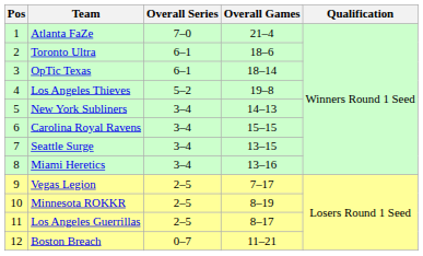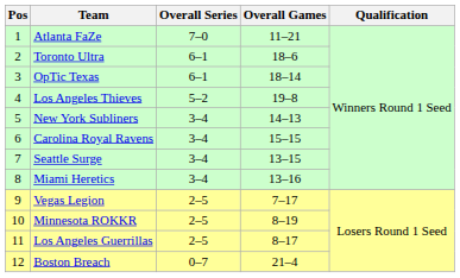 <table class="wikitable" style="text-align:center">
 <tr>
 <th>Pos</th>
 <th>Team</th>
 <th>Overall Series</th>
 <th>Overall Games</th>
 <th>Qualification</th>
 </tr>
 <tr style="background:#CCFFCC">
 <td>1</td>
 <td style="text-align:left;"><a href='#'>Atlanta FaZe</a></td>
 <td>7–0</td>
-<td>21–4</td>
+<td>11–21</td>
 <td rowspan="8">Winners Round 1 Seed</td>
 </tr>
 <tr style="background:#CCFFCC">
 <td>2</td>
 <td style="text-align:left;"><a href='#'>Toronto Ultra</a></td>
 <td>6–1</td>
 <td>18–6</td>
 </tr>
 <tr style="background:#CCFFCC">
 <td>3</td>
 <td style="text-align:left;"><a href='#'>OpTic Texas</a></td>
 <td>6–1</td>
 <td>18–14</td>
 </tr>
 <tr style="background:#CCFFCC">
 <td>4</td>
 <td style="text-align:left;"><a href='#'>Los Angeles Thieves</a></td>
 <td>5–2</td>
 <td>19–8</td>
 </tr>
 <tr style="background:#CCFFCC">
 <td>5</td>
 <td style="text-align:left;"><a href='#'>New York Subliners</a></td>
 <td>3–4</td>
 <td>14–13</td>
 </tr>
 <tr style="background:#CCFFCC">
 <td>6</td>
 <td style="text-align:left;"><a href='#'>Carolina Royal Ravens</a></td>
 <td>3–4</td>
 <td>15–15</td>
 </tr>
 <tr style="background:#CCFFCC">
 <td>7</td>
 <td style="text-align:left;"><a href='#'>Seattle Surge</a></td>
 <td>3–4</td>
 <td>13–15</td>
 </tr>
 <tr style="background:#CCFFCC">
 <td>8</td>
 <td style="text-align:left;"><a href='#'>Miami Heretics</a></td>
 <td>3–4</td>
 <td>13–16</td>
 </tr>
 <tr style="background:#FFFF99">
 <td>9</td>
 <td style="text-align:left;"><a href='#'>Vegas Legion</a></td>
 <td>2–5</td>
 <td>7–17</td>
 <td rowspan="4">Losers Round 1 Seed</td>
 </tr>
 <tr style="background:#FFFF99">
 <td>10</td>
 <td style="text-align:left;"><a href='#'>Minnesota ROKKR</a></td>
 <td>2–5</td>
 <td>8–19</td>
 </tr>
 <tr style="background:#FFFF99">
 <td>11</td>
 <td style="text-align:left;"><a href='#'>Los Angeles Guerrillas</a></td>
 <td>2–5</td>
 <td>8–17</td>
 </tr>
 <tr style="background:#FFFF99">
 <td>12</td>
 <td style="text-align:left;"><a href='#'>Boston Breach</a></td>
 <td>0–7</td>
-<td>11–21</td>
+<td>21–4</td>
 </tr>
 </table>
